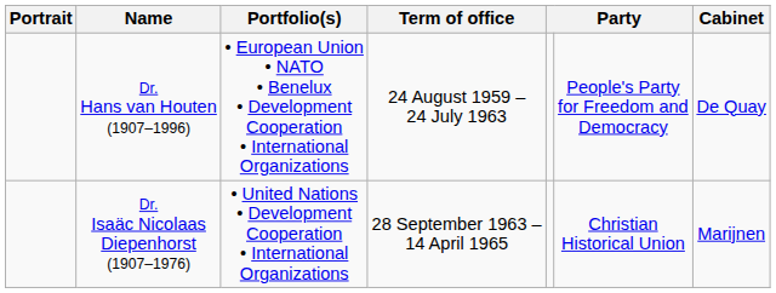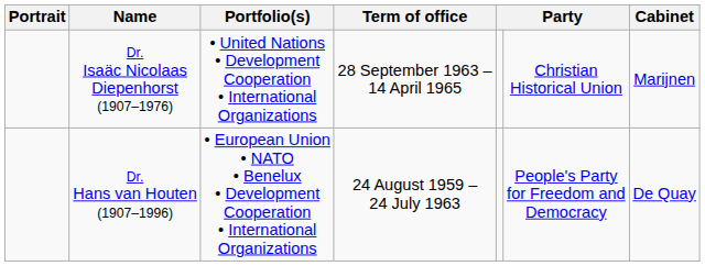 <table class="wikitable" style="text-align:center">
 <tr>
 <th>Portrait</th>
 <th>Name<br></th>
 <th>Portfolio(s)</th>
 <th>Term of office</th>
 <th colspan=2>Party</th>
 <th>Cabinet</th>
 </tr>
 <tr>
 <td></td>
+<td><small><a href='#'>Dr.</a></small> <br> <a href='#'>Isaäc Nicolaas <br> Diepenhorst</a> <br> <small>(1907–1976)</small></td>
+<td>• <a href='#'>United Nations</a> <br> • <a href='#'>Development <br> Cooperation</a> <br> • <a href='#'>International <br> Organizations</a></td>
+<td>28 September 1963 – <br> 14 April 1965</td>
+<td style="background:"></td>
+<td><a href='#'>Christian <br> Historical Union</a></td>
+<td><a href='#'>Marijnen</a></td>
+</tr>
+<tr>
+<td></td>
 <td><small><a href='#'>Dr.</a></small> <br> <a href='#'>Hans van Houten</a> <br> <small>(1907–1996)</small></td>
 <td>• <a href='#'>European Union</a> <br> • <a href='#'>NATO</a> <br> • <a href='#'>Benelux</a> <br> • <a href='#'>Development <br> Cooperation</a> <br> • <a href='#'>International <br> Organizations</a></td>
 <td>24 August 1959 – <br> 24 July 1963</td>
 <td style="background:"></td>
 <td><a href='#'>People's Party <br> for Freedom and <br> Democracy</a></td>
 <td><a href='#'>De Quay</a></td>
 </tr>
-<tr>
-<td></td>
-<td><small><a href='#'>Dr.</a></small> <br> <a href='#'>Isaäc Nicolaas <br> Diepenhorst</a> <br> <small>(1907–1976)</small></td>
-<td>• <a href='#'>United Nations</a> <br> • <a href='#'>Development <br> Cooperation</a> <br> • <a href='#'>International <br> Organizations</a></td>
-<td>28 September 1963 – <br> 14 April 1965</td>
-<td style="background:"></td>
-<td><a href='#'>Christian <br> Historical Union</a></td>
-<td><a href='#'>Marijnen</a></td>
-</tr>
 </table>
